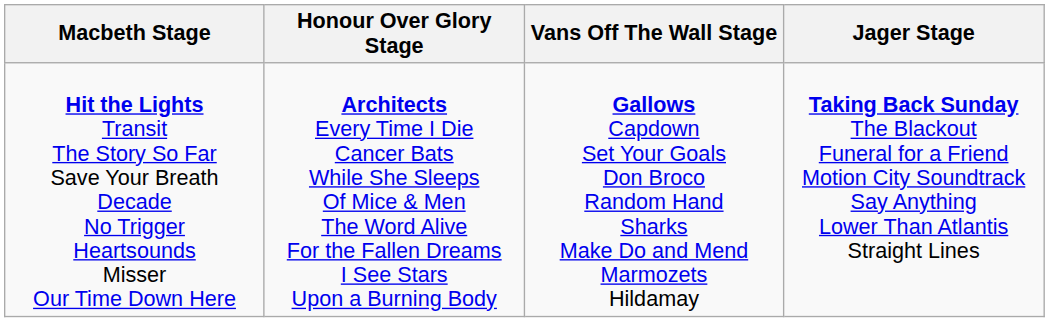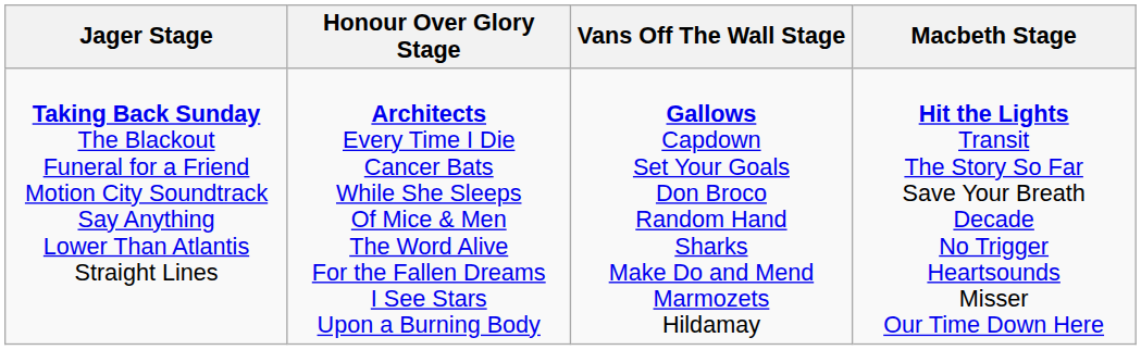 <table class="wikitable">
 <tr>
-<th>Macbeth Stage</th>
+<th>Jager Stage</th>
 <th>Honour Over Glory Stage</th>
 <th>Vans Off The Wall Stage</th>
-<th>Jager Stage</th>
+<th>Macbeth Stage</th>
 </tr>
 <tr>
-<td valign="top" align="center" width=185><br><strong><a href='#'>Hit the Lights</a></strong> <br><a href='#'>Transit</a> <br><a href='#'>The Story So Far</a> <br>Save Your Breath <br><a href='#'>Decade</a> <br><a href='#'>No Trigger</a> <br><a href='#'>Heartsounds</a> <br>Misser <br><a href='#'>Our Time Down Here</a></td>
+<td valign="top" align="center" width=185><br><strong><a href='#'>Taking Back Sunday</a></strong> <br><a href='#'>The Blackout</a> <br><a href='#'>Funeral for a Friend</a> <br><a href='#'>Motion City Soundtrack</a> <br><a href='#'>Say Anything</a> <br><a href='#'>Lower Than Atlantis</a> <br>Straight Lines</td>
 <td valign="top" align="center" width=185><br><strong><a href='#'>Architects</a></strong> <br><a href='#'>Every Time I Die</a> <br><a href='#'>Cancer Bats</a> <br><a href='#'>While She Sleeps</a> <br><a href='#'>Of Mice & Men</a> <br><a href='#'>The Word Alive</a> <br><a href='#'>For the Fallen Dreams</a> <br><a href='#'>I See Stars</a> <br><a href='#'>Upon a Burning Body</a></td>
 <td valign="top" align="center" width=185><br><strong><a href='#'>Gallows</a></strong> <br><a href='#'>Capdown</a> <br><a href='#'>Set Your Goals</a> <br><a href='#'>Don Broco</a> <br><a href='#'>Random Hand</a> <br><a href='#'>Sharks</a> <br><a href='#'>Make Do and Mend</a> <br><a href='#'>Marmozets</a> <br>Hildamay</td>
-<td valign="top" align="center" width=185><br><strong><a href='#'>Taking Back Sunday</a></strong> <br><a href='#'>The Blackout</a> <br><a href='#'>Funeral for a Friend</a> <br><a href='#'>Motion City Soundtrack</a> <br><a href='#'>Say Anything</a> <br><a href='#'>Lower Than Atlantis</a> <br>Straight Lines</td>
+<td valign="top" align="center" width=185><br><strong><a href='#'>Hit the Lights</a></strong> <br><a href='#'>Transit</a> <br><a href='#'>The Story So Far</a> <br>Save Your Breath <br><a href='#'>Decade</a> <br><a href='#'>No Trigger</a> <br><a href='#'>Heartsounds</a> <br>Misser <br><a href='#'>Our Time Down Here</a></td>
 </tr>
 </table>
